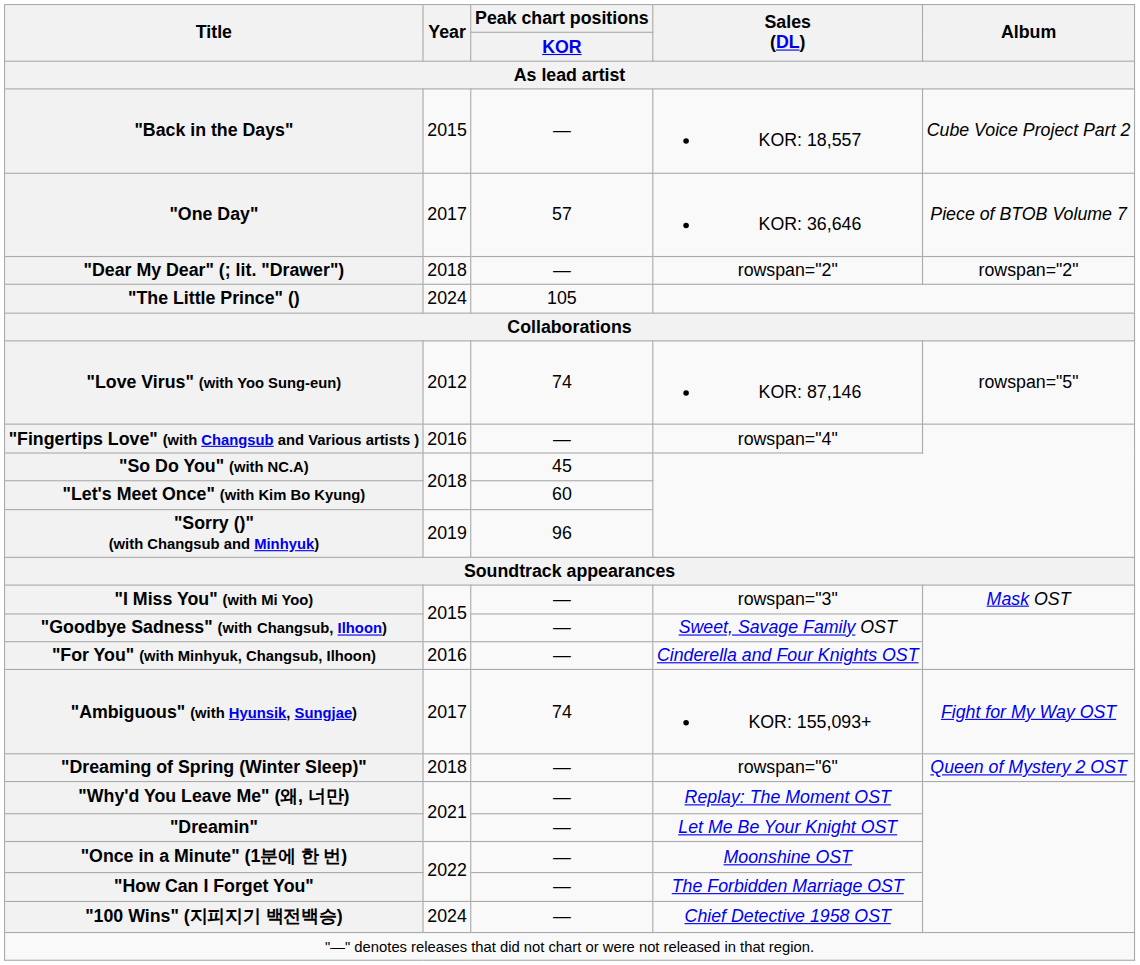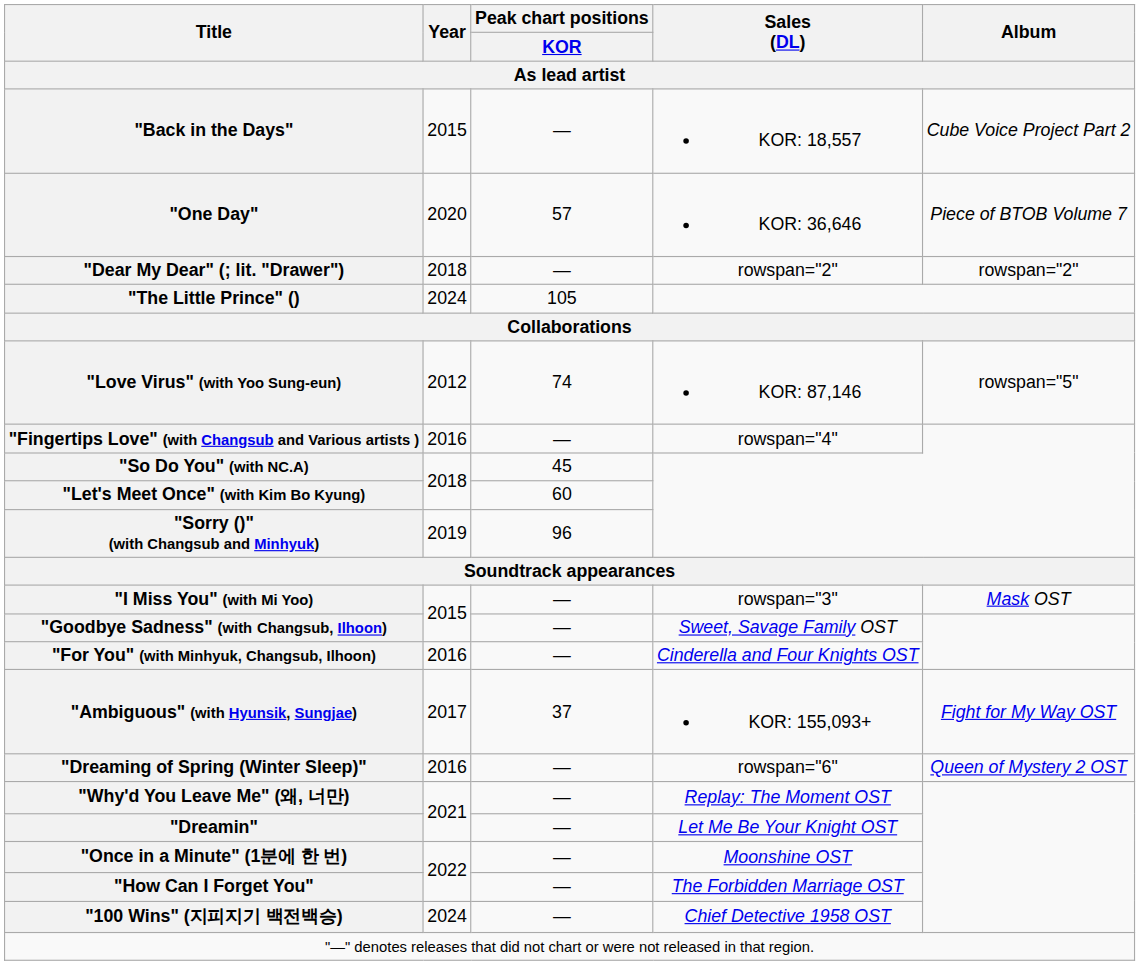 <table class="wikitable plainrowheaders" style="text-align:center;">
 <tr>
 <th scope="col" rowspan="2">Title</th>
 <th scope="col" rowspan="2">Year</th>
 <th scope="col">Peak chart positions</th>
 <th scope="col" rowspan="2">Sales<br>(<a href='#'>DL</a>)</th>
 <th scope="col" rowspan="2">Album</th>
 </tr>
 <tr>
 <th scope="col"><a href='#'>KOR</a><br></th>
 </tr>
 <tr>
 <th colspan="5">As lead artist</th>
 </tr>
 <tr>
 <th scope="row">"Back in the Days"</th>
 <td>2015</td>
 <td>—</td>
 <td><br><ul><li>KOR: 18,557</li></ul></td>
 <td><em>Cube Voice Project Part 2</em></td>
 </tr>
 <tr>
 <th scope="row">"One Day"</th>
-<td>2017</td>
+<td>2020</td>
 <td>57</td>
 <td><br><ul><li>KOR: 36,646</li></ul></td>
 <td><em>Piece of BTOB Volume 7</em></td>
 </tr>
 <tr>
 <th scope="row">"Dear My Dear" (; lit. "Drawer")</th>
 <td>2018</td>
 <td>—</td>
 <td>rowspan="2" </td>
 <td>rowspan="2" </td>
 </tr>
 <tr>
 <th scope="row">"The Little Prince" ()</th>
 <td>2024</td>
 <td>105</td>
 </tr>
 <tr>
 <th colspan="5">Collaborations</th>
 </tr>
 <tr>
 <th scope="row">"Love Virus" <small>(with Yoo Sung-eun)</small></th>
 <td>2012</td>
 <td>74</td>
 <td><br><ul><li>KOR: 87,146</li></ul></td>
 <td>rowspan="5" </td>
 </tr>
 <tr>
 <th scope="row">"Fingertips Love" <small>(with <a href='#'>Changsub</a> and Various artists )</small></th>
 <td>2016</td>
 <td>—</td>
 <td>rowspan="4" </td>
 </tr>
 <tr>
 <th scope="row">"So Do You" <small>(with NC.A)</small></th>
 <td rowspan="2">2018</td>
 <td>45</td>
 </tr>
 <tr>
 <th scope="row">"Let's Meet Once" <small>(with Kim Bo Kyung)</small></th>
 <td>60</td>
 </tr>
 <tr>
 <th scope="row">"Sorry ()" <br><small>(with Changsub and <a href='#'>Minhyuk</a>)</small></th>
 <td>2019</td>
 <td>96</td>
 </tr>
 <tr>
 <th colspan="5">Soundtrack appearances</th>
 </tr>
 <tr>
 <th scope="row">"I Miss You" <small>(with Mi Yoo)</small></th>
 <td rowspan="2">2015</td>
 <td>—</td>
 <td>rowspan="3" </td>
 <td><em><a href='#'>Mask</a> OST</em></td>
 </tr>
 <tr>
 <th scope="row">"Goodbye Sadness" <small>(with</small> <small>Changsub, <a href='#'>Ilhoon</a>)</small></th>
 <td>—</td>
 <td><em><a href='#'>Sweet, Savage Family</a> OST</em></td>
 </tr>
 <tr>
 <th scope="row">"For You" <small>(with Minhyuk, Changsub, Ilhoon)</small></th>
 <td>2016</td>
 <td>—</td>
 <td><em><a href='#'>Cinderella and Four Knights OST</a></em></td>
 </tr>
 <tr>
 <th scope="row">"Ambiguous" <small>(with <a href='#'>Hyunsik</a>, <a href='#'>Sungjae</a>)</small></th>
 <td>2017</td>
-<td>74</td>
+<td>37</td>
 <td><br><ul><li>KOR: 155,093+</li></ul></td>
 <td><em><a href='#'>Fight for My Way OST</a></em></td>
 </tr>
 <tr>
 <th scope="row">"Dreaming of Spring (Winter Sleep)"</th>
-<td>2018</td>
+<td>2016</td>
 <td>—</td>
 <td>rowspan="6" </td>
 <td><em><a href='#'>Queen of Mystery 2 OST</a></em></td>
 </tr>
 <tr>
 <th scope="row">"Why'd You Leave Me" (왜, 너만)</th>
 <td rowspan="2">2021</td>
 <td>—</td>
 <td><em><a href='#'>Replay: The Moment OST</a></em></td>
 </tr>
 <tr>
 <th scope="row">"Dreamin"</th>
 <td>—</td>
 <td><em><a href='#'>Let Me Be Your Knight OST</a></em></td>
 </tr>
 <tr>
 <th scope="row">"Once in a Minute" (1분에 한 번)</th>
 <td rowspan="2">2022</td>
 <td>—</td>
 <td><em><a href='#'>Moonshine OST</a></em></td>
 </tr>
 <tr>
 <th scope="row">"How Can I Forget You"</th>
 <td>—</td>
 <td><em><a href='#'>The Forbidden Marriage OST</a></em></td>
 </tr>
 <tr>
 <th scope="row">"100 Wins" (지피지기 백전백승)</th>
 <td>2024</td>
 <td>—</td>
 <td><em><a href='#'>Chief Detective 1958 OST</a></em></td>
 </tr>
 <tr>
 <td colspan="5"><small>"—" denotes releases that did not chart or were not released in that region.</small></td>
 </tr>
 </table>
